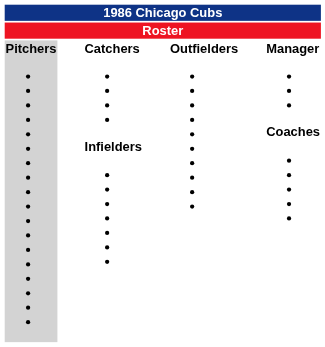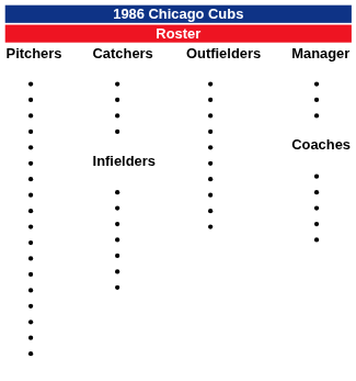 <table class="toccolours" style="font-size: 95%;">
 <tr>
 <th colspan="10" style="background-color: #0e3386; color: #FFFFFF; text-align: center;">1986 Chicago Cubs</th>
 </tr>
 <tr>
 <td colspan="10" style="background-color: #EE1422; color: #FFFFFF; text-align: center;"><strong>Roster</strong></td>
 </tr>
 <tr>
-<td valign="top" style="background: lightgrey;"><strong>Pitchers</strong><br><ul><li></li><li></li><li></li><li></li><li></li><li></li><li></li><li></li><li></li><li></li><li></li><li></li><li></li><li></li><li></li><li></li><li></li><li></li></ul></td>
+<td valign="top"><strong>Pitchers</strong><br><ul><li></li><li></li><li></li><li></li><li></li><li></li><li></li><li></li><li></li><li></li><li></li><li></li><li></li><li></li><li></li><li></li><li></li><li></li></ul></td>
 <td width="25px"></td>
 <td valign="top"><strong>Catchers</strong><br><ul><li></li><li></li><li></li><li></li></ul><strong>Infielders</strong><ul><li></li><li></li><li></li><li></li><li></li><li></li><li></li></ul></td>
 <td width="25px"></td>
 <td valign="top"><strong>Outfielders</strong><br><ul><li></li><li></li><li></li><li></li><li></li><li></li><li></li><li></li><li></li><li></li></ul></td>
 <td width="25px"></td>
 <td valign="top"><strong>Manager</strong><br><ul><li></li><li></li><li></li></ul><strong>Coaches</strong><ul><li></li><li></li><li></li><li></li><li></li></ul></td>
 </tr>
 </table>
